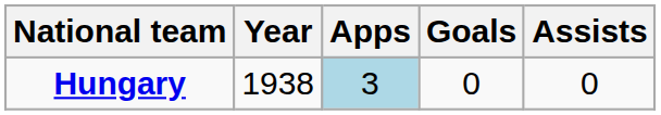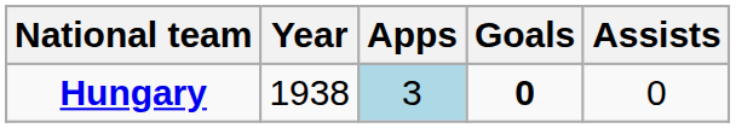 <table class="wikitable" style="font-size:90%; text-align: center;">
 <tr>
 <th>National team</th>
 <th>Year</th>
 <th>Apps</th>
 <th>Goals</th>
 <th>Assists</th>
 </tr>
 <tr>
 <td rowspan=7><strong><a href='#'>Hungary</a></strong></td>
 <td>1938</td>
 <td style="background: lightblue;">3</td>
-<td>0</td>
+<td><strong>0</strong></td>
 <td>0</td>
 </tr>
 </table>
